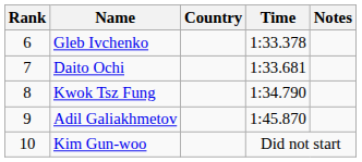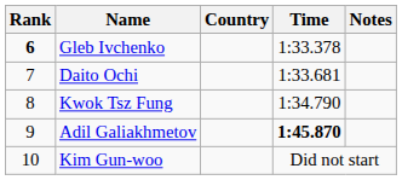 <table class="wikitable sortable" style="text-align:center">
 <tr>
 <th>Rank</th>
 <th>Name</th>
 <th>Country</th>
 <th>Time</th>
 <th>Notes</th>
 </tr>
 <tr>
-<td>6</td>
+<td><strong>6</strong></td>
 <td align=left><a href='#'>Gleb Ivchenko</a></td>
 <td align=left></td>
 <td>1:33.378</td>
 <td></td>
 </tr>
 <tr>
 <td>7</td>
 <td align=left><a href='#'>Daito Ochi</a></td>
 <td align=left></td>
 <td>1:33.681</td>
 <td></td>
 </tr>
 <tr>
 <td>8</td>
 <td align=left><a href='#'>Kwok Tsz Fung</a></td>
 <td align=left></td>
 <td>1:34.790</td>
 <td></td>
 </tr>
 <tr>
 <td>9</td>
 <td align=left><a href='#'>Adil Galiakhmetov</a></td>
 <td align=left></td>
-<td>1:45.870</td>
+<td><strong>1:45.870</strong></td>
 <td></td>
 </tr>
 <tr>
 <td>10</td>
 <td align=left><a href='#'>Kim Gun-woo</a></td>
 <td align=left></td>
 <td colspan="2">Did not start</td>
 </tr>
 </table>
